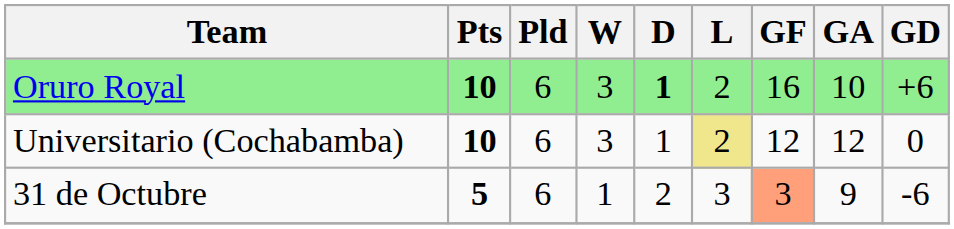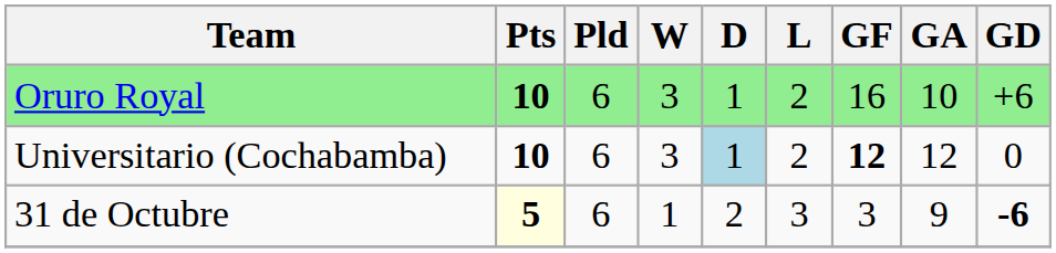 <table class="wikitable" style="text-align: center;">
 <tr>
 <th width="200">Team</th>
 <th width="20" abbr="Points">Pts</th>
 <th width="20" abbr="Played">Pld</th>
 <th width="20" abbr="Won">W</th>
 <th width="20" abbr="Drawn">D</th>
 <th width="20" abbr="Lost">L</th>
 <th width="20" abbr="Goals for">GF</th>
 <th width="20" abbr="Goals against">GA</th>
 <th width="20" abbr="Goal difference">GD</th>
 </tr>
 <tr bgcolor="#90EE90">
 <td style="text-align:left;"><a href='#'>Oruro Royal</a></td>
 <td><strong>10</strong></td>
 <td>6</td>
 <td>3</td>
-<td><strong>1</strong></td>
+<td>1</td>
 <td>2</td>
 <td>16</td>
 <td>10</td>
 <td>+6</td>
 </tr>
 <tr>
 <td style="text-align:left;">Universitario (Cochabamba)</td>
 <td><strong>10</strong></td>
 <td>6</td>
 <td>3</td>
-<td>1</td>
-<td style="background: khaki;">2</td>
-<td>12</td>
+<td style="background: lightblue;">1</td>
+<td>2</td>
+<td><strong>12</strong></td>
 <td>12</td>
 <td>0</td>
 </tr>
 <tr>
 <td style="text-align:left;">31 de Octubre</td>
-<td><strong>5</strong></td>
+<td style="background: lightyellow;"><strong>5</strong></td>
 <td>6</td>
 <td>1</td>
 <td>2</td>
 <td>3</td>
-<td style="background: lightsalmon;">3</td>
+<td>3</td>
 <td>9</td>
-<td>-6</td>
+<td><strong>-6</strong></td>
 </tr>
 <tr>
 </tr>
 </table>
